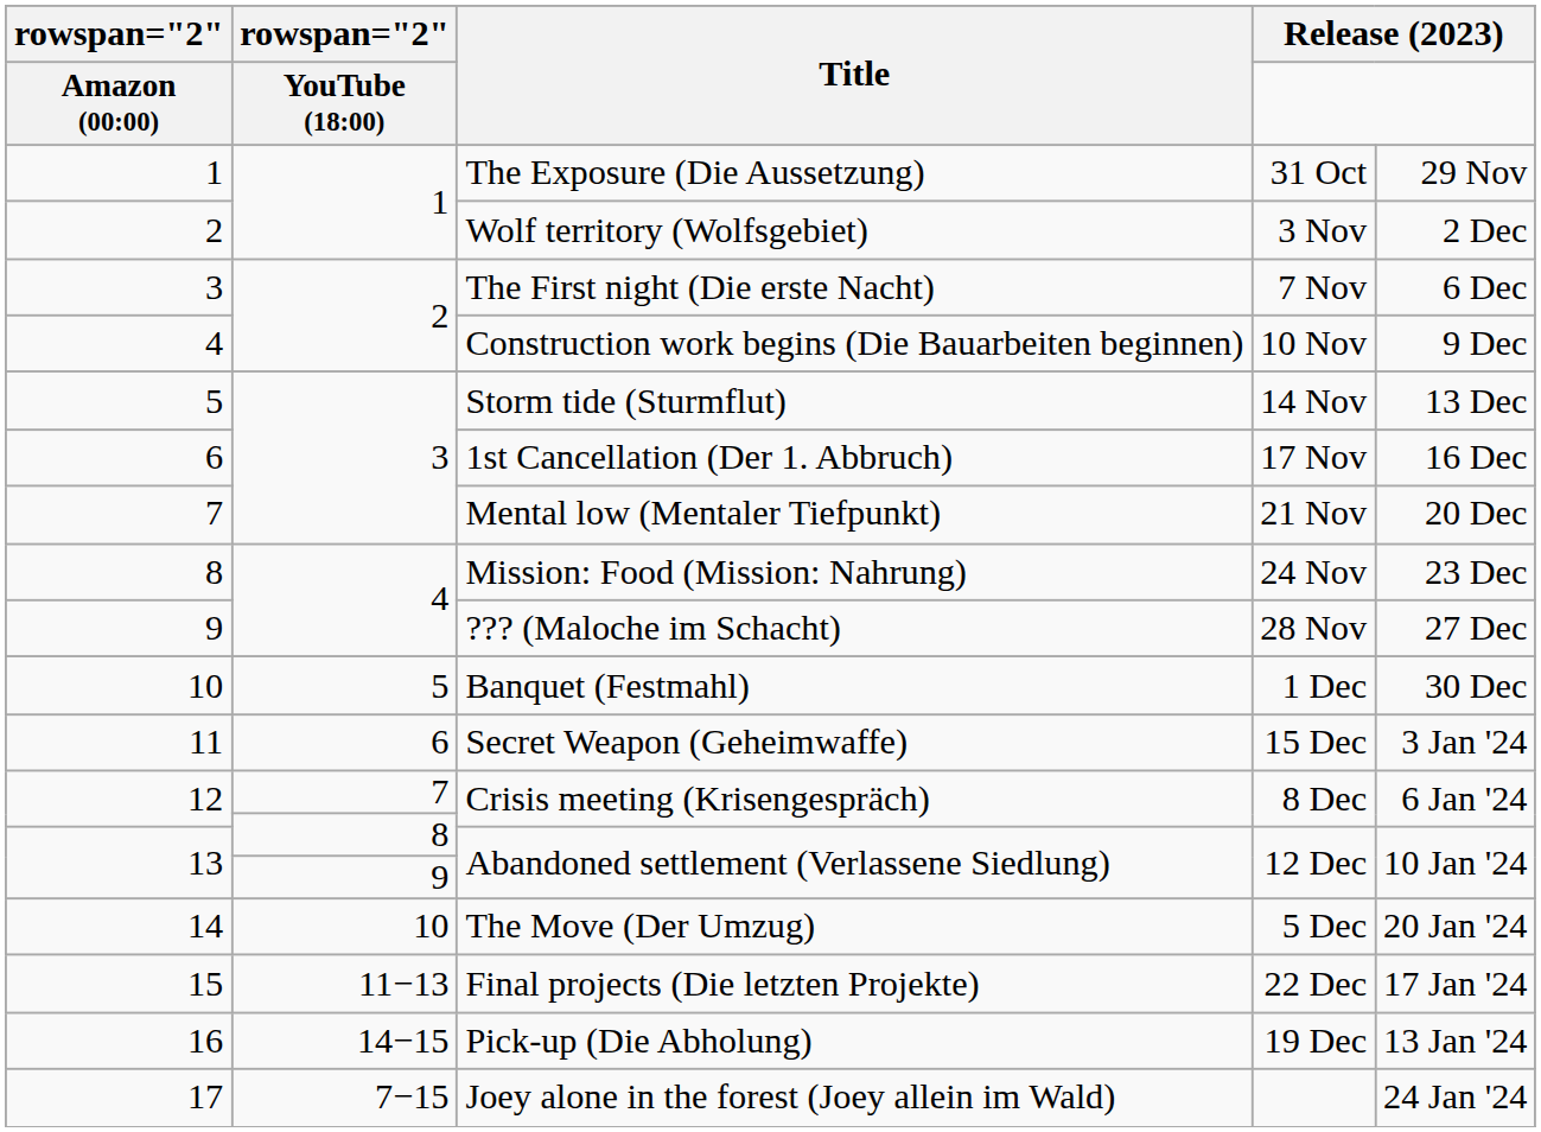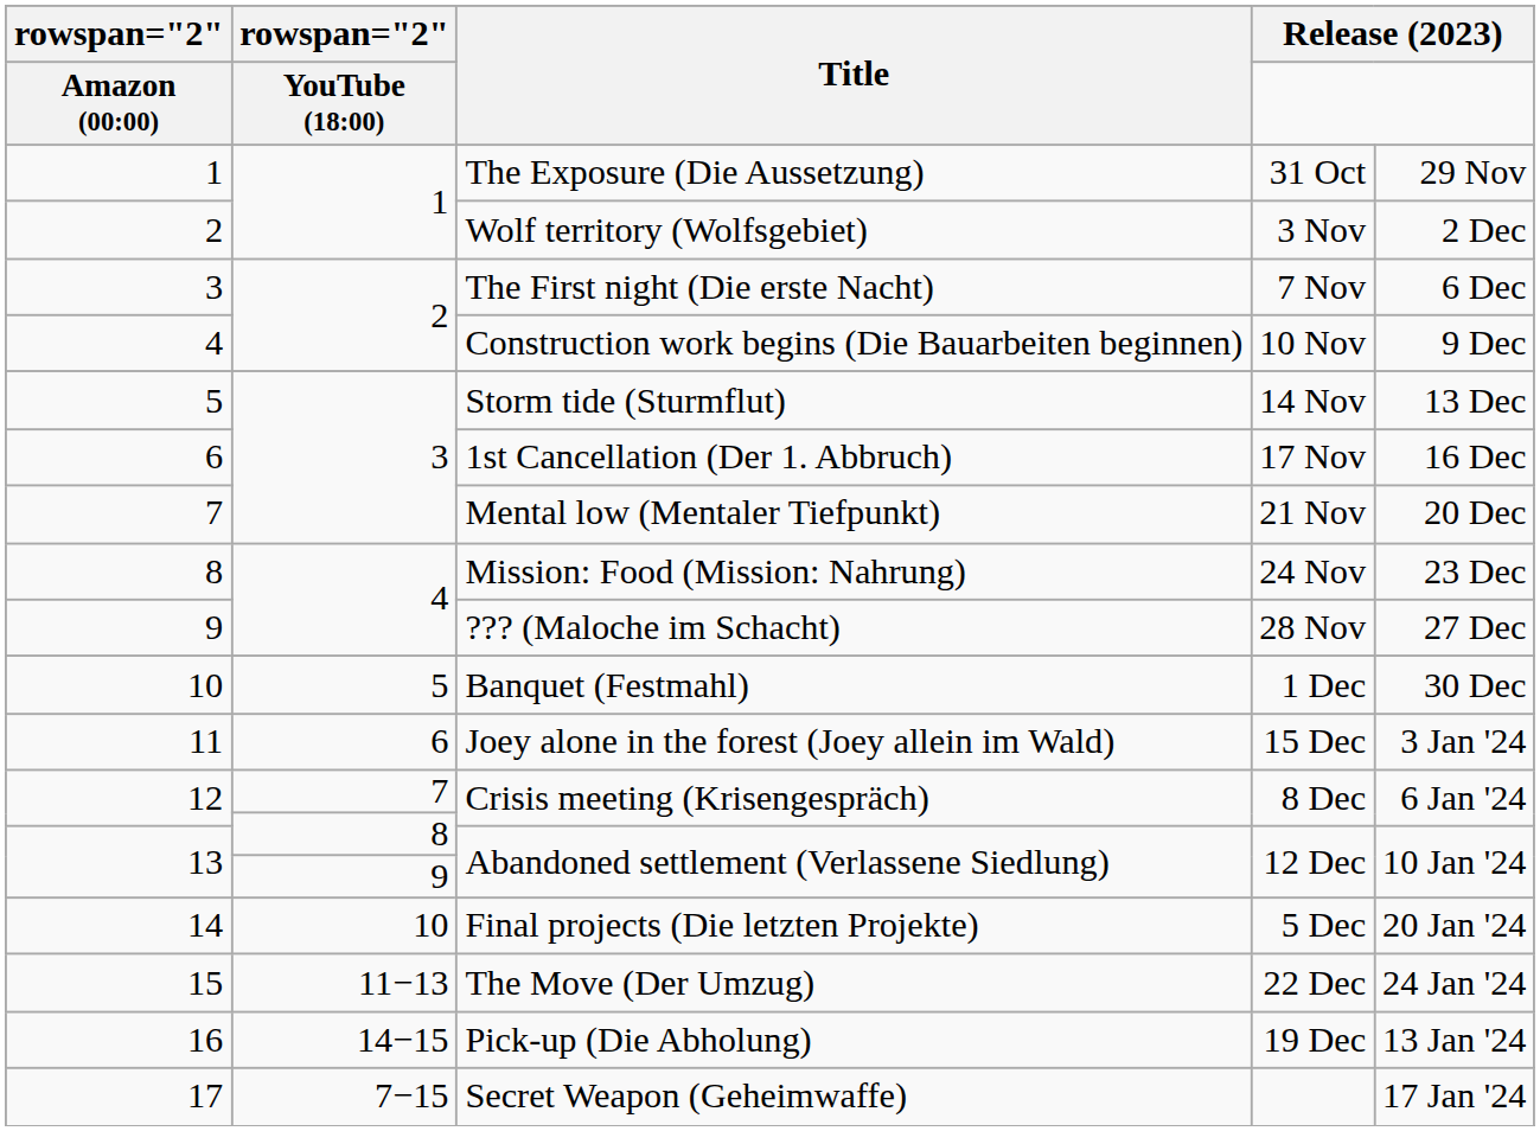 <table class="wikitable" style="text-align:right">
 <tr>
 <th>rowspan="2" </th>
 <th>rowspan="2" </th>
 <th rowspan="2">Title</th>
 <th colspan="2">Release (2023)</th>
 </tr>
 <tr style="font-size:90%; line-height:100%">
 <th>Amazon<br><small>(00:00)</small></th>
 <th>YouTube<br><small>(18:00)</small></th>
 </tr>
 <tr>
 <td>1</td>
 <td rowspan="2">1</td>
 <td style="text-align:left">The Exposure (Die Aussetzung)</td>
 <td>31 Oct</td>
 <td>29 Nov</td>
 </tr>
 <tr>
 <td>2</td>
 <td style="text-align:left">Wolf territory (Wolfsgebiet)</td>
 <td>3 Nov</td>
 <td>2 Dec</td>
 </tr>
 <tr>
 <td>3</td>
 <td rowspan="2">2</td>
 <td style="text-align:left">The First night (Die erste Nacht)</td>
 <td>7 Nov</td>
 <td>6 Dec</td>
 </tr>
 <tr>
 <td>4</td>
 <td style="text-align:left">Construction work begins (Die Bauarbeiten beginnen)</td>
 <td>10 Nov</td>
 <td>9 Dec</td>
 </tr>
 <tr>
 <td>5</td>
 <td rowspan="3">3</td>
 <td style="text-align:left">Storm tide (Sturmflut)</td>
 <td>14 Nov</td>
 <td>13 Dec</td>
 </tr>
 <tr>
 <td>6</td>
 <td style="text-align:left">1st Cancellation (Der 1. Abbruch)</td>
 <td>17 Nov</td>
 <td>16 Dec</td>
 </tr>
 <tr>
 <td>7</td>
 <td style="text-align:left">Mental low (Mentaler Tiefpunkt)</td>
 <td>21 Nov</td>
 <td>20 Dec</td>
 </tr>
 <tr>
 <td>8</td>
 <td rowspan="2">4</td>
 <td style="text-align:left">Mission: Food (Mission: Nahrung)</td>
 <td>24 Nov</td>
 <td>23 Dec</td>
 </tr>
 <tr>
 <td>9</td>
 <td style="text-align:left">??? (Maloche im Schacht)</td>
 <td>28 Nov</td>
 <td>27 Dec</td>
 </tr>
 <tr>
 <td>10</td>
 <td>5</td>
 <td style="text-align:left">Banquet (Festmahl)</td>
 <td>1 Dec</td>
 <td>30 Dec</td>
 </tr>
 <tr>
 <td>11</td>
 <td>6</td>
-<td style="text-align:left">Secret Weapon (Geheimwaffe)</td>
+<td style="text-align:left">Joey alone in the forest (Joey allein im Wald)</td>
 <td>15 Dec</td>
 <td>3 Jan '24</td>
 </tr>
 <tr>
 <td rowspan="2">12</td>
 <td style="padding-top:0;padding-bottom:0">7</td>
 <td rowspan="2" style="text-align:left">Crisis meeting (Krisengespräch)</td>
 <td rowspan="2">8 Dec</td>
 <td rowspan="2">6 Jan '24</td>
 </tr>
 <tr>
 <td rowspan="2" style="padding-top:0;padding-bottom:0">8</td>
 </tr>
 <tr>
 <td rowspan="2">13</td>
 <td rowspan="2" style="text-align:left">Abandoned settlement (Verlassene Siedlung)</td>
 <td rowspan="2">12 Dec</td>
 <td rowspan="2">10 Jan '24</td>
 </tr>
 <tr>
 <td style="padding-top:0;padding-bottom:0">9</td>
 </tr>
 <tr>
 <td>14</td>
 <td>10</td>
-<td style="text-align:left">The Move (Der Umzug)</td>
+<td style="text-align:left">Final projects (Die letzten Projekte)</td>
 <td>5 Dec</td>
 <td>20 Jan '24</td>
 </tr>
 <tr>
 <td>15</td>
 <td>11−13</td>
-<td style="text-align:left">Final projects (Die letzten Projekte)</td>
+<td style="text-align:left">The Move (Der Umzug)</td>
 <td>22 Dec</td>
-<td>17 Jan '24</td>
+<td>24 Jan '24</td>
 </tr>
 <tr>
 <td>16</td>
 <td>14−15</td>
 <td style="text-align:left">Pick-up (Die Abholung)</td>
 <td>19 Dec</td>
 <td>13 Jan '24</td>
 </tr>
 <tr>
 <td>17</td>
 <td>7−15</td>
-<td style="text-align:left">Joey alone in the forest (Joey allein im Wald)</td>
+<td style="text-align:left">Secret Weapon (Geheimwaffe)</td>
 <td></td>
-<td>24 Jan '24</td>
+<td>17 Jan '24</td>
 </tr>
 </table>
